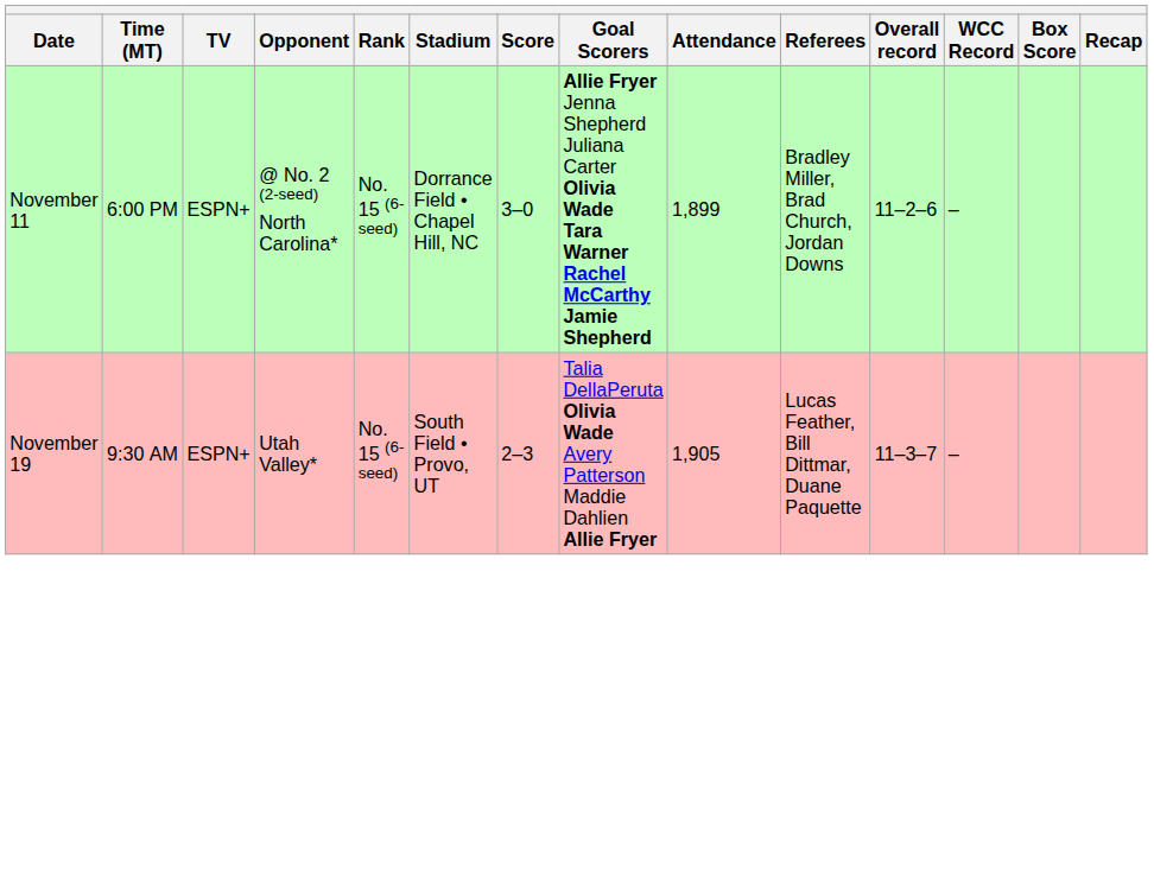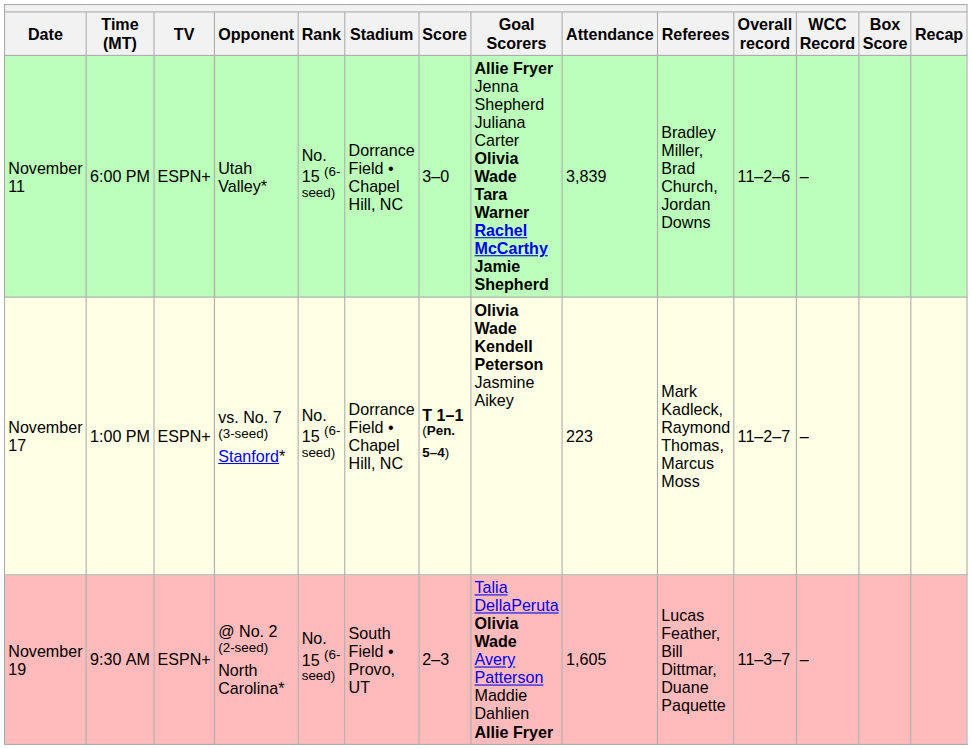 <table class="wikitable collapsible collapsed" style="margin:auto; font-size:95%; width:100%">
 <tr>
 <th colspan=14 style="padding-left:4em;"></th>
 </tr>
 <tr>
 <th>Date</th>
 <th>Time (MT)</th>
 <th>TV</th>
 <th>Opponent</th>
 <th>Rank</th>
 <th>Stadium</th>
 <th>Score</th>
 <th>Goal Scorers</th>
 <th>Attendance</th>
 <th>Referees</th>
 <th>Overall record</th>
 <th>WCC Record</th>
 <th>Box Score</th>
 <th>Recap</th>
 </tr>
 <tr bgcolor=bbffbb>
 <td>November 11</td>
 <td>6:00 PM</td>
 <td>ESPN+</td>
-<td>@ No. 2 <sup>(2-seed)</sup> North Carolina*</td>
+<td>Utah Valley*</td>
 <td>No. 15 <sup>(6-seed)</sup></td>
 <td>Dorrance Field • Chapel Hill, NC</td>
 <td>3–0</td>
 <td><strong>Allie Fryer</strong>  <br>  Jenna Shepherd <br>  Juliana Carter <br> <strong>Olivia Wade</strong>  <br> <strong>Tara Warner</strong>  <br> <strong><a href='#'>Rachel McCarthy</a></strong>  <br> <strong>Jamie Shepherd</strong> </td>
-<td>1,899</td>
+<td>3,839</td>
 <td>Bradley Miller, <br> Brad Church, <br> Jordan Downs</td>
 <td>11–2–6</td>
+<td>–</td>
+<td></td>
+<td></td>
+</tr>
+<tr bgcolor=ffffe6>
+<td>November 17</td>
+<td>1:00 PM</td>
+<td>ESPN+</td>
+<td>vs. No. 7 <sup>(3-seed)</sup> <a href='#'>Stanford</a>*</td>
+<td>No. 15 <sup>(6-seed)</sup></td>
+<td>Dorrance Field • Chapel Hill, NC</td>
+<td><strong>T 1–1</strong> <sup>(<strong>Pen. 5–4</strong>)</sup></td>
+<td><strong>Olivia Wade</strong>  <br> <strong>Kendell Peterson</strong>  <br>  Jasmine Aikey <br>  <br>  <br>  <br>  <br>  <br>  <br>  <br>  <br>  <br> </td>
+<td>223</td>
+<td>Mark Kadleck, <br> Raymond Thomas, <br> Marcus Moss</td>
+<td>11–2–7</td>
 <td>–</td>
 <td></td>
 <td></td>
 </tr>
 <tr bgcolor=ffbbbb>
 <td>November 19</td>
 <td>9:30 AM</td>
 <td>ESPN+</td>
-<td>Utah Valley*</td>
+<td>@ No. 2 <sup>(2-seed)</sup> North Carolina*</td>
 <td>No. 15 <sup>(6-seed)</sup></td>
 <td>South Field • Provo, UT</td>
 <td>2–3</td>
 <td> <a href='#'>Talia DellaPeruta</a> <br> <strong>Olivia Wade</strong>  <br>  <a href='#'>Avery Patterson</a> <br>  Maddie Dahlien <br> <strong>Allie Fryer</strong> </td>
-<td>1,905</td>
+<td>1,605</td>
 <td>Lucas Feather, <br> Bill Dittmar, <br> Duane Paquette</td>
 <td>11–3–7</td>
 <td>–</td>
 <td></td>
 <td></td>
 </tr>
 </table>
